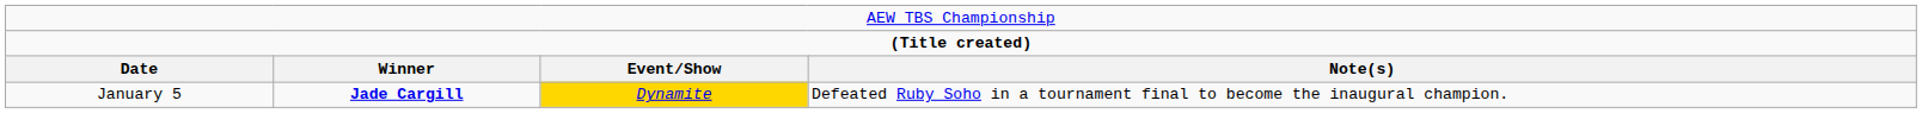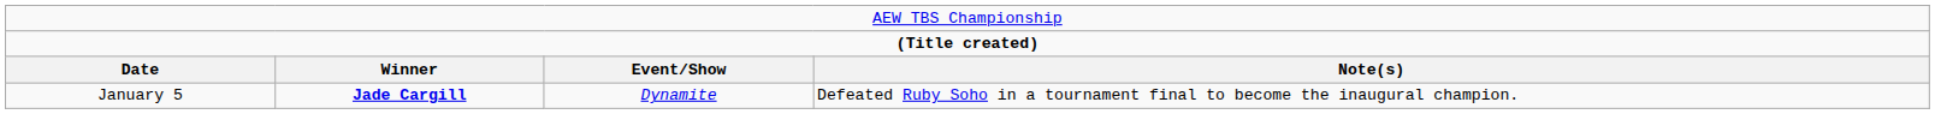 <table class="wikitable" style="text-align:center; width:100%;">
 <tr>
 <td colspan="4" style="text-align: center;"><a href='#'>AEW TBS Championship</a></td>
 </tr>
 <tr>
 <td colspan="4" style="text-align: center;"><strong>(Title created)</strong></td>
 </tr>
 <tr>
 <th width=14%>Date</th>
 <th width=14%>Winner</th>
 <th width=14%>Event/Show</th>
 <th width=58%>Note(s)</th>
 </tr>
 <tr>
 <td>January 5</td>
 <td><strong><a href='#'>Jade Cargill</a></strong></td>
-<td style="background: gold;"><em><a href='#'>Dynamite</a></em></td>
+<td><em><a href='#'>Dynamite</a></em></td>
 <td align=left>Defeated <a href='#'>Ruby Soho</a> in a tournament final to become the inaugural champion.</td>
 </tr>
 </table>
